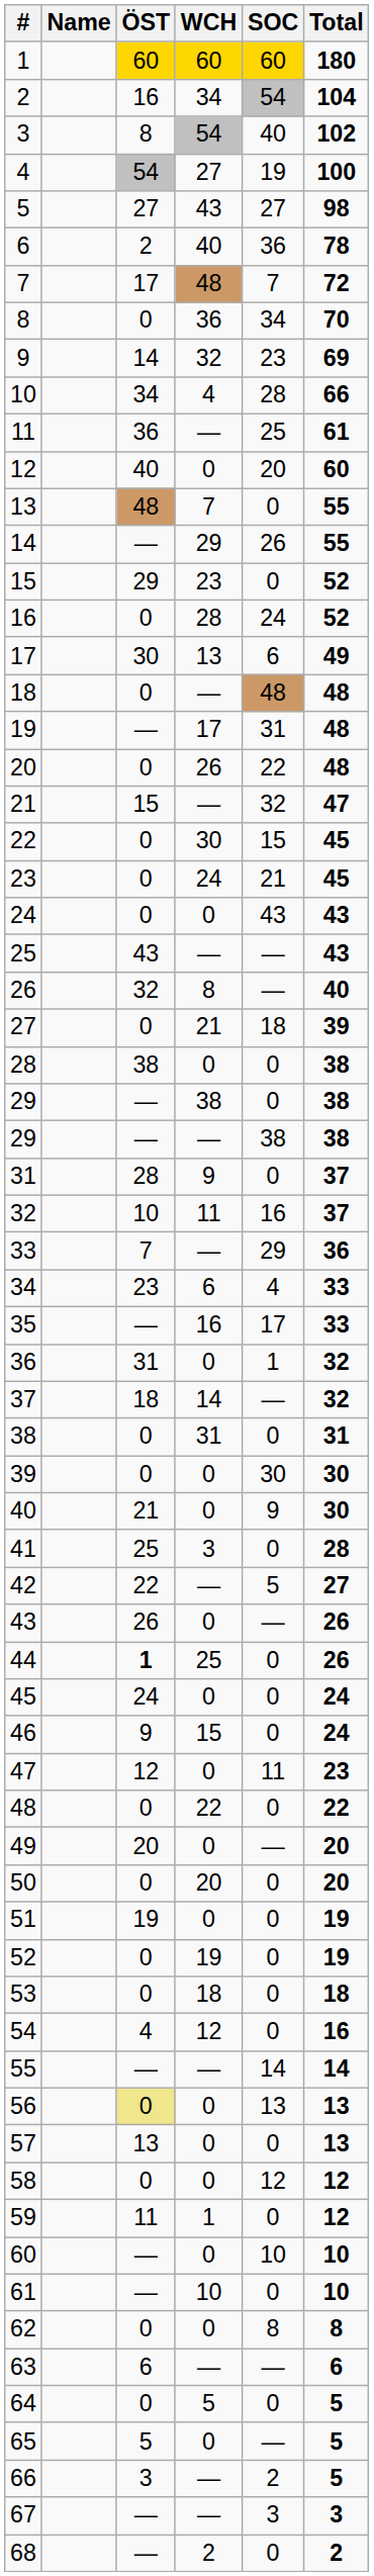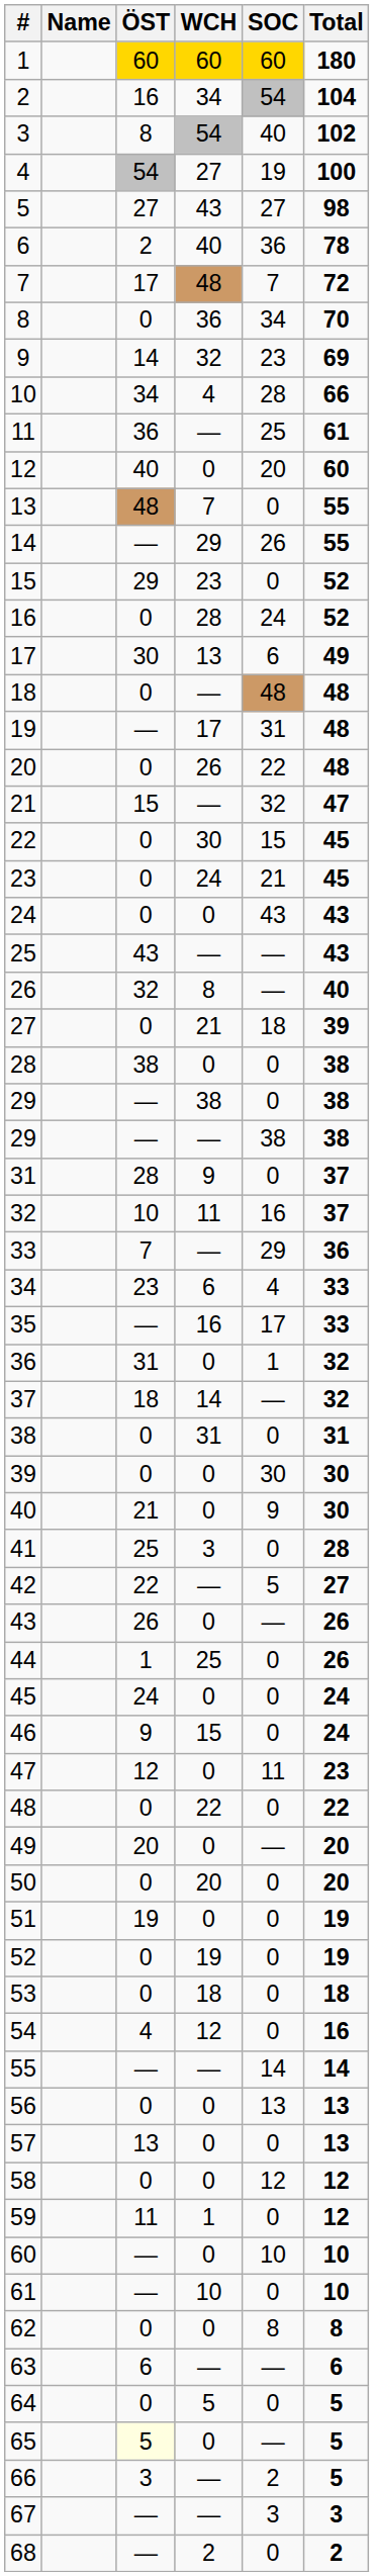 <table class="wikitable sortable" style="text-align:center;">
 <tr>
 <th>#</th>
 <th>Name</th>
 <th>ÖST</th>
 <th>WCH</th>
 <th>SOC</th>
 <th>Total</th>
 </tr>
 <tr>
 <td>1</td>
 <td align="left"></td>
 <td bgcolor="gold">60</td>
 <td bgcolor="gold">60</td>
 <td bgcolor="gold">60</td>
 <td><strong>180</strong></td>
 </tr>
 <tr>
 <td>2</td>
 <td align="left"></td>
 <td>16</td>
 <td>34</td>
 <td bgcolor="silver">54</td>
 <td><strong>104</strong></td>
 </tr>
 <tr>
 <td>3</td>
 <td align="left"></td>
 <td>8</td>
 <td bgcolor="silver">54</td>
 <td>40</td>
 <td><strong>102</strong></td>
 </tr>
 <tr>
 <td>4</td>
 <td align="left"></td>
 <td bgcolor="silver">54</td>
 <td>27</td>
 <td>19</td>
 <td><strong>100</strong></td>
 </tr>
 <tr>
 <td>5</td>
 <td align="left"></td>
 <td>27</td>
 <td>43</td>
 <td>27</td>
 <td><strong>98</strong></td>
 </tr>
 <tr>
 <td>6</td>
 <td align="left"></td>
 <td>2</td>
 <td>40</td>
 <td>36</td>
 <td><strong>78</strong></td>
 </tr>
 <tr>
 <td>7</td>
 <td align="left"></td>
 <td>17</td>
 <td bgcolor=CC9966>48</td>
 <td>7</td>
 <td><strong>72</strong></td>
 </tr>
 <tr>
 <td>8</td>
 <td align="left"></td>
 <td>0</td>
 <td>36</td>
 <td>34</td>
 <td><strong>70</strong></td>
 </tr>
 <tr>
 <td>9</td>
 <td align="left"></td>
 <td>14</td>
 <td>32</td>
 <td>23</td>
 <td><strong>69</strong></td>
 </tr>
 <tr>
 <td>10</td>
 <td align="left"></td>
 <td>34</td>
 <td>4</td>
 <td>28</td>
 <td><strong>66</strong></td>
 </tr>
 <tr>
 <td>11</td>
 <td align="left"></td>
 <td>36</td>
 <td>—</td>
 <td>25</td>
 <td><strong>61</strong></td>
 </tr>
 <tr>
 <td>12</td>
 <td align="left"></td>
 <td>40</td>
 <td>0</td>
 <td>20</td>
 <td><strong>60</strong></td>
 </tr>
 <tr>
 <td>13</td>
 <td align="left"></td>
 <td bgcolor=CC9966>48</td>
 <td>7</td>
 <td>0</td>
 <td><strong>55</strong></td>
 </tr>
 <tr>
 <td>14</td>
 <td align="left"></td>
 <td>—</td>
 <td>29</td>
 <td>26</td>
 <td><strong>55</strong></td>
 </tr>
 <tr>
 <td>15</td>
 <td align="left"></td>
 <td>29</td>
 <td>23</td>
 <td>0</td>
 <td><strong>52</strong></td>
 </tr>
 <tr>
 <td>16</td>
 <td align="left"></td>
 <td>0</td>
 <td>28</td>
 <td>24</td>
 <td><strong>52</strong></td>
 </tr>
 <tr>
 <td>17</td>
 <td align="left"></td>
 <td>30</td>
 <td>13</td>
 <td>6</td>
 <td><strong>49</strong></td>
 </tr>
 <tr>
 <td>18</td>
 <td align="left"></td>
 <td>0</td>
 <td>—</td>
 <td bgcolor=CC9966>48</td>
 <td><strong>48</strong></td>
 </tr>
 <tr>
 <td>19</td>
 <td align="left"></td>
 <td>—</td>
 <td>17</td>
 <td>31</td>
 <td><strong>48</strong></td>
 </tr>
 <tr>
 <td>20</td>
 <td align="left"></td>
 <td>0</td>
 <td>26</td>
 <td>22</td>
 <td><strong>48</strong></td>
 </tr>
 <tr>
 <td>21</td>
 <td align="left"></td>
 <td>15</td>
 <td>—</td>
 <td>32</td>
 <td><strong>47</strong></td>
 </tr>
 <tr>
 <td>22</td>
 <td align="left"></td>
 <td>0</td>
 <td>30</td>
 <td>15</td>
 <td><strong>45</strong></td>
 </tr>
 <tr>
 <td>23</td>
 <td align="left"></td>
 <td>0</td>
 <td>24</td>
 <td>21</td>
 <td><strong>45</strong></td>
 </tr>
 <tr>
 <td>24</td>
 <td align="left"></td>
 <td>0</td>
 <td>0</td>
 <td>43</td>
 <td><strong>43</strong></td>
 </tr>
 <tr>
 <td>25</td>
 <td align="left"></td>
 <td>43</td>
 <td>—</td>
 <td>—</td>
 <td><strong>43</strong></td>
 </tr>
 <tr>
 <td>26</td>
 <td align="left"></td>
 <td>32</td>
 <td>8</td>
 <td>—</td>
 <td><strong>40</strong></td>
 </tr>
 <tr>
 <td>27</td>
 <td align="left"></td>
 <td>0</td>
 <td>21</td>
 <td>18</td>
 <td><strong>39</strong></td>
 </tr>
 <tr>
 <td>28</td>
 <td align="left"></td>
 <td>38</td>
 <td>0</td>
 <td>0</td>
 <td><strong>38</strong></td>
 </tr>
 <tr>
 <td>29</td>
 <td align="left"></td>
 <td>—</td>
 <td>38</td>
 <td>0</td>
 <td><strong>38</strong></td>
 </tr>
 <tr>
 <td>29</td>
 <td align="left"></td>
 <td>—</td>
 <td>—</td>
 <td>38</td>
 <td><strong>38</strong></td>
 </tr>
 <tr>
 <td>31</td>
 <td align="left"></td>
 <td>28</td>
 <td>9</td>
 <td>0</td>
 <td><strong>37</strong></td>
 </tr>
 <tr>
 <td>32</td>
 <td align="left"></td>
 <td>10</td>
 <td>11</td>
 <td>16</td>
 <td><strong>37</strong></td>
 </tr>
 <tr>
 <td>33</td>
 <td align="left"></td>
 <td>7</td>
 <td>—</td>
 <td>29</td>
 <td><strong>36</strong></td>
 </tr>
 <tr>
 <td>34</td>
 <td align="left"></td>
 <td>23</td>
 <td>6</td>
 <td>4</td>
 <td><strong>33</strong></td>
 </tr>
 <tr>
 <td>35</td>
 <td align="left"></td>
 <td>—</td>
 <td>16</td>
 <td>17</td>
 <td><strong>33</strong></td>
 </tr>
 <tr>
 <td>36</td>
 <td align="left"></td>
 <td>31</td>
 <td>0</td>
 <td>1</td>
 <td><strong>32</strong></td>
 </tr>
 <tr>
 <td>37</td>
 <td align="left"></td>
 <td>18</td>
 <td>14</td>
 <td>—</td>
 <td><strong>32</strong></td>
 </tr>
 <tr>
 <td>38</td>
 <td align="left"></td>
 <td>0</td>
 <td>31</td>
 <td>0</td>
 <td><strong>31</strong></td>
 </tr>
 <tr>
 <td>39</td>
 <td align="left"></td>
 <td>0</td>
 <td>0</td>
 <td>30</td>
 <td><strong>30</strong></td>
 </tr>
 <tr>
 <td>40</td>
 <td align="left"></td>
 <td>21</td>
 <td>0</td>
 <td>9</td>
 <td><strong>30</strong></td>
 </tr>
 <tr>
 <td>41</td>
 <td align="left"></td>
 <td>25</td>
 <td>3</td>
 <td>0</td>
 <td><strong>28</strong></td>
 </tr>
 <tr>
 <td>42</td>
 <td align="left"></td>
 <td>22</td>
 <td>—</td>
 <td>5</td>
 <td><strong>27</strong></td>
 </tr>
 <tr>
 <td>43</td>
 <td align="left"></td>
 <td>26</td>
 <td>0</td>
 <td>—</td>
 <td><strong>26</strong></td>
 </tr>
 <tr>
 <td>44</td>
 <td align="left"></td>
-<td><strong>1</strong></td>
+<td>1</td>
 <td>25</td>
 <td>0</td>
 <td><strong>26</strong></td>
 </tr>
 <tr>
 <td>45</td>
 <td align="left"></td>
 <td>24</td>
 <td>0</td>
 <td>0</td>
 <td><strong>24</strong></td>
 </tr>
 <tr>
 <td>46</td>
 <td align="left"></td>
 <td>9</td>
 <td>15</td>
 <td>0</td>
 <td><strong>24</strong></td>
 </tr>
 <tr>
 <td>47</td>
 <td align="left"></td>
 <td>12</td>
 <td>0</td>
 <td>11</td>
 <td><strong>23</strong></td>
 </tr>
 <tr>
 <td>48</td>
 <td align="left"></td>
 <td>0</td>
 <td>22</td>
 <td>0</td>
 <td><strong>22</strong></td>
 </tr>
 <tr>
 <td>49</td>
 <td align="left"></td>
 <td>20</td>
 <td>0</td>
 <td>—</td>
 <td><strong>20</strong></td>
 </tr>
 <tr>
 <td>50</td>
 <td align="left"></td>
 <td>0</td>
 <td>20</td>
 <td>0</td>
 <td><strong>20</strong></td>
 </tr>
 <tr>
 <td>51</td>
 <td align="left"></td>
 <td>19</td>
 <td>0</td>
 <td>0</td>
 <td><strong>19</strong></td>
 </tr>
 <tr>
 <td>52</td>
 <td align="left"></td>
 <td>0</td>
 <td>19</td>
 <td>0</td>
 <td><strong>19</strong></td>
 </tr>
 <tr>
 <td>53</td>
 <td align="left"></td>
 <td>0</td>
 <td>18</td>
 <td>0</td>
 <td><strong>18</strong></td>
 </tr>
 <tr>
 <td>54</td>
 <td align="left"></td>
 <td>4</td>
 <td>12</td>
 <td>0</td>
 <td><strong>16</strong></td>
 </tr>
 <tr>
 <td>55</td>
 <td align="left"></td>
 <td>—</td>
 <td>—</td>
 <td>14</td>
 <td><strong>14</strong></td>
 </tr>
 <tr>
 <td>56</td>
 <td align="left"></td>
-<td style="background: khaki;">0</td>
+<td>0</td>
 <td>0</td>
 <td>13</td>
 <td><strong>13</strong></td>
 </tr>
 <tr>
 <td>57</td>
 <td align="left"></td>
 <td>13</td>
 <td>0</td>
 <td>0</td>
 <td><strong>13</strong></td>
 </tr>
 <tr>
 <td>58</td>
 <td align="left"></td>
 <td>0</td>
 <td>0</td>
 <td>12</td>
 <td><strong>12</strong></td>
 </tr>
 <tr>
 <td>59</td>
 <td align="left"></td>
 <td>11</td>
 <td>1</td>
 <td>0</td>
 <td><strong>12</strong></td>
 </tr>
 <tr>
 <td>60</td>
 <td align="left"></td>
 <td>—</td>
 <td>0</td>
 <td>10</td>
 <td><strong>10</strong></td>
 </tr>
 <tr>
 <td>61</td>
 <td align="left"></td>
 <td>—</td>
 <td>10</td>
 <td>0</td>
 <td><strong>10</strong></td>
 </tr>
 <tr>
 <td>62</td>
 <td align="left"></td>
 <td>0</td>
 <td>0</td>
 <td>8</td>
 <td><strong>8</strong></td>
 </tr>
 <tr>
 <td>63</td>
 <td align="left"></td>
 <td>6</td>
 <td>—</td>
 <td>—</td>
 <td><strong>6</strong></td>
 </tr>
 <tr>
 <td>64</td>
 <td align="left"></td>
 <td>0</td>
 <td>5</td>
 <td>0</td>
 <td><strong>5</strong></td>
 </tr>
 <tr>
 <td>65</td>
 <td align="left"></td>
-<td>5</td>
+<td style="background: lightyellow;">5</td>
 <td>0</td>
 <td>—</td>
 <td><strong>5</strong></td>
 </tr>
 <tr>
 <td>66</td>
 <td align="left"></td>
 <td>3</td>
 <td>—</td>
 <td>2</td>
 <td><strong>5</strong></td>
 </tr>
 <tr>
 <td>67</td>
 <td align="left"></td>
 <td>—</td>
 <td>—</td>
 <td>3</td>
 <td><strong>3</strong></td>
 </tr>
 <tr>
 <td>68</td>
 <td align="left"></td>
 <td>—</td>
 <td>2</td>
 <td>0</td>
 <td><strong>2</strong></td>
 </tr>
 <tr>
 </tr>
 </table>
